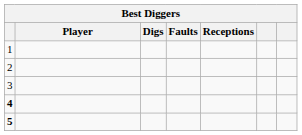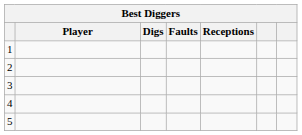 <table class="wikitable sortable" style=font-size:90%>
 <tr>
 <th colspan=7>Best Diggers</th>
 </tr>
 <tr>
 <th></th>
 <th width=158>Player</th>
 <th width=20>Digs</th>
 <th width=20>Faults</th>
 <th width=20>Receptions</th>
 <th width=20></th>
 <th width=20></th>
 </tr>
 <tr>
 <td>1</td>
 <td></td>
 <td align=center></td>
 <td align=center></td>
 <td align=center></td>
 <td align=center></td>
 <td align=center></td>
 </tr>
 <tr>
 <td>2</td>
 <td></td>
 <td align=center></td>
 <td align=center></td>
 <td align=center></td>
 <td align=center></td>
 <td align=center></td>
 </tr>
 <tr>
 <td>3</td>
 <td></td>
 <td align=center></td>
 <td align=center></td>
 <td align=center></td>
 <td align=center></td>
 <td align=center></td>
 </tr>
 <tr>
-<td><strong>4</strong></td>
+<td>4</td>
 <td></td>
 <td align=center></td>
 <td align=center></td>
 <td align=center></td>
 <td align=center></td>
 <td align=center></td>
 </tr>
 <tr>
-<td><strong>5</strong></td>
+<td>5</td>
 <td></td>
 <td align=center></td>
 <td align=center></td>
 <td align=center></td>
 <td align=center></td>
 <td align=center></td>
 </tr>
 </table>
